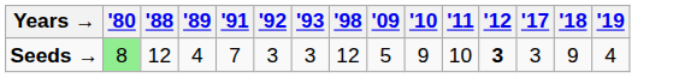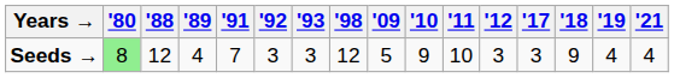 <table class="wikitable" style="text-align:center">
 <tr>
 <th>Years →</th>
 <th><a href='#'>'80</a></th>
 <th><a href='#'>'88</a></th>
 <th><a href='#'>'89</a></th>
 <th><a href='#'>'91</a></th>
 <th><a href='#'>'92</a></th>
 <th><a href='#'>'93</a></th>
 <th><a href='#'>'98</a></th>
 <th><a href='#'>'09</a></th>
 <th><a href='#'>'10</a></th>
 <th><a href='#'>'11</a></th>
 <th><a href='#'>'12</a></th>
 <th><a href='#'>'17</a></th>
 <th><a href='#'>'18</a></th>
 <th><a href='#'>'19</a></th>
+<th><a href='#'>'21</a></th>
 </tr>
 <tr align=center>
 <td><strong>Seeds →</strong></td>
 <td style="background: lightgreen;">8</td>
 <td>12</td>
 <td>4</td>
 <td>7</td>
 <td>3</td>
 <td>3</td>
 <td>12</td>
 <td>5</td>
 <td>9</td>
 <td>10</td>
-<td><strong>3</strong></td>
+<td>3</td>
 <td>3</td>
 <td>9</td>
 <td>4</td>
+<td>4</td>
 </tr>
 </table>
